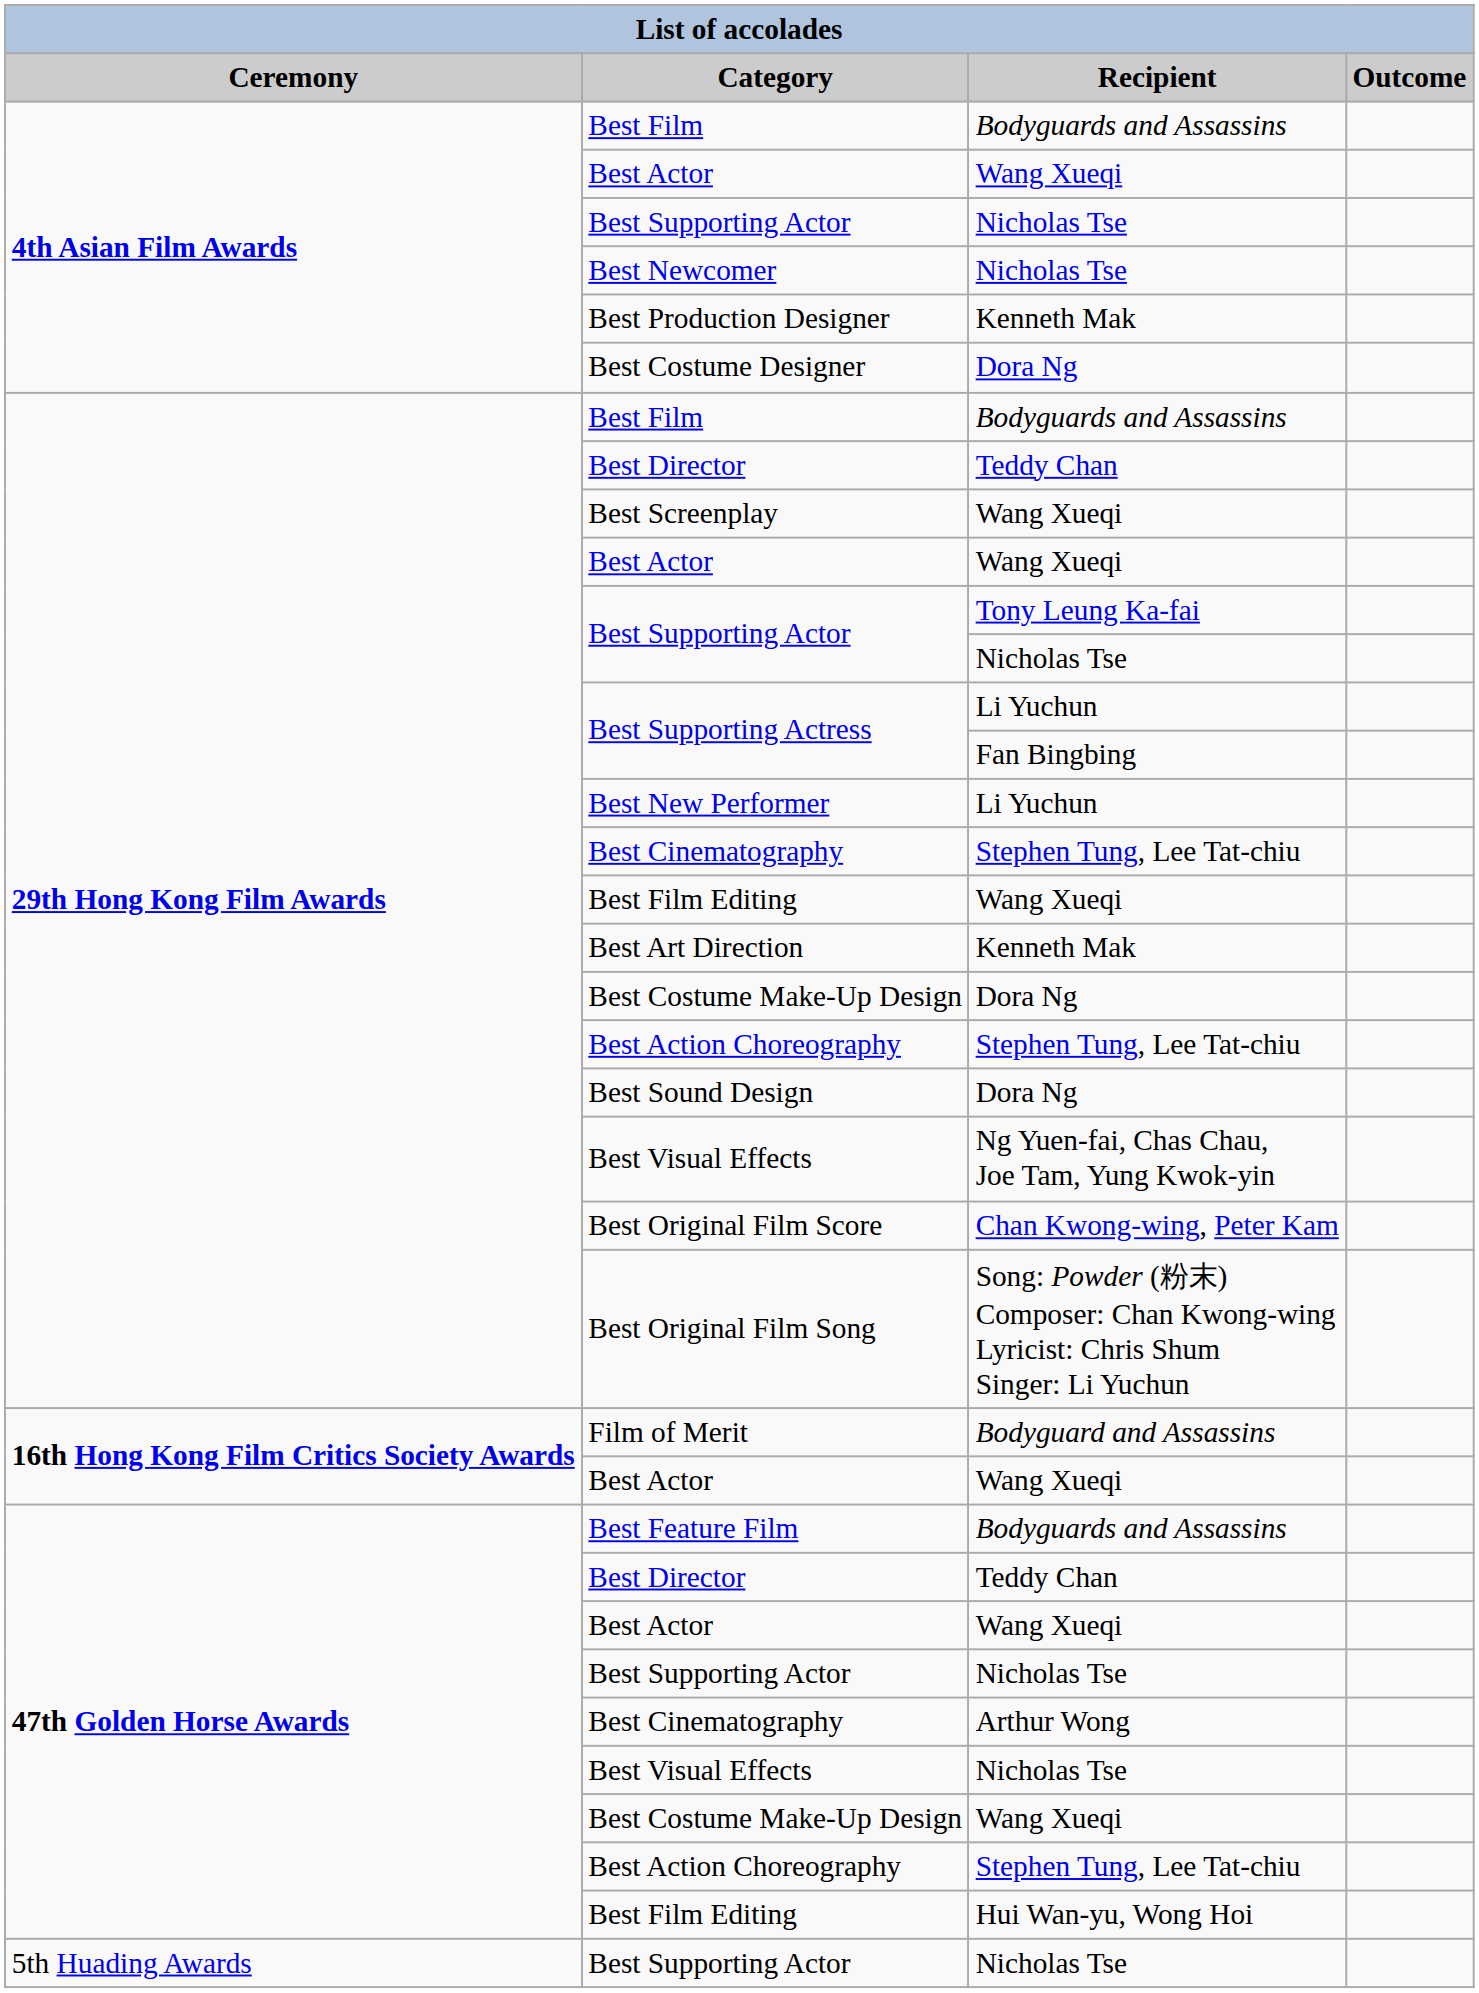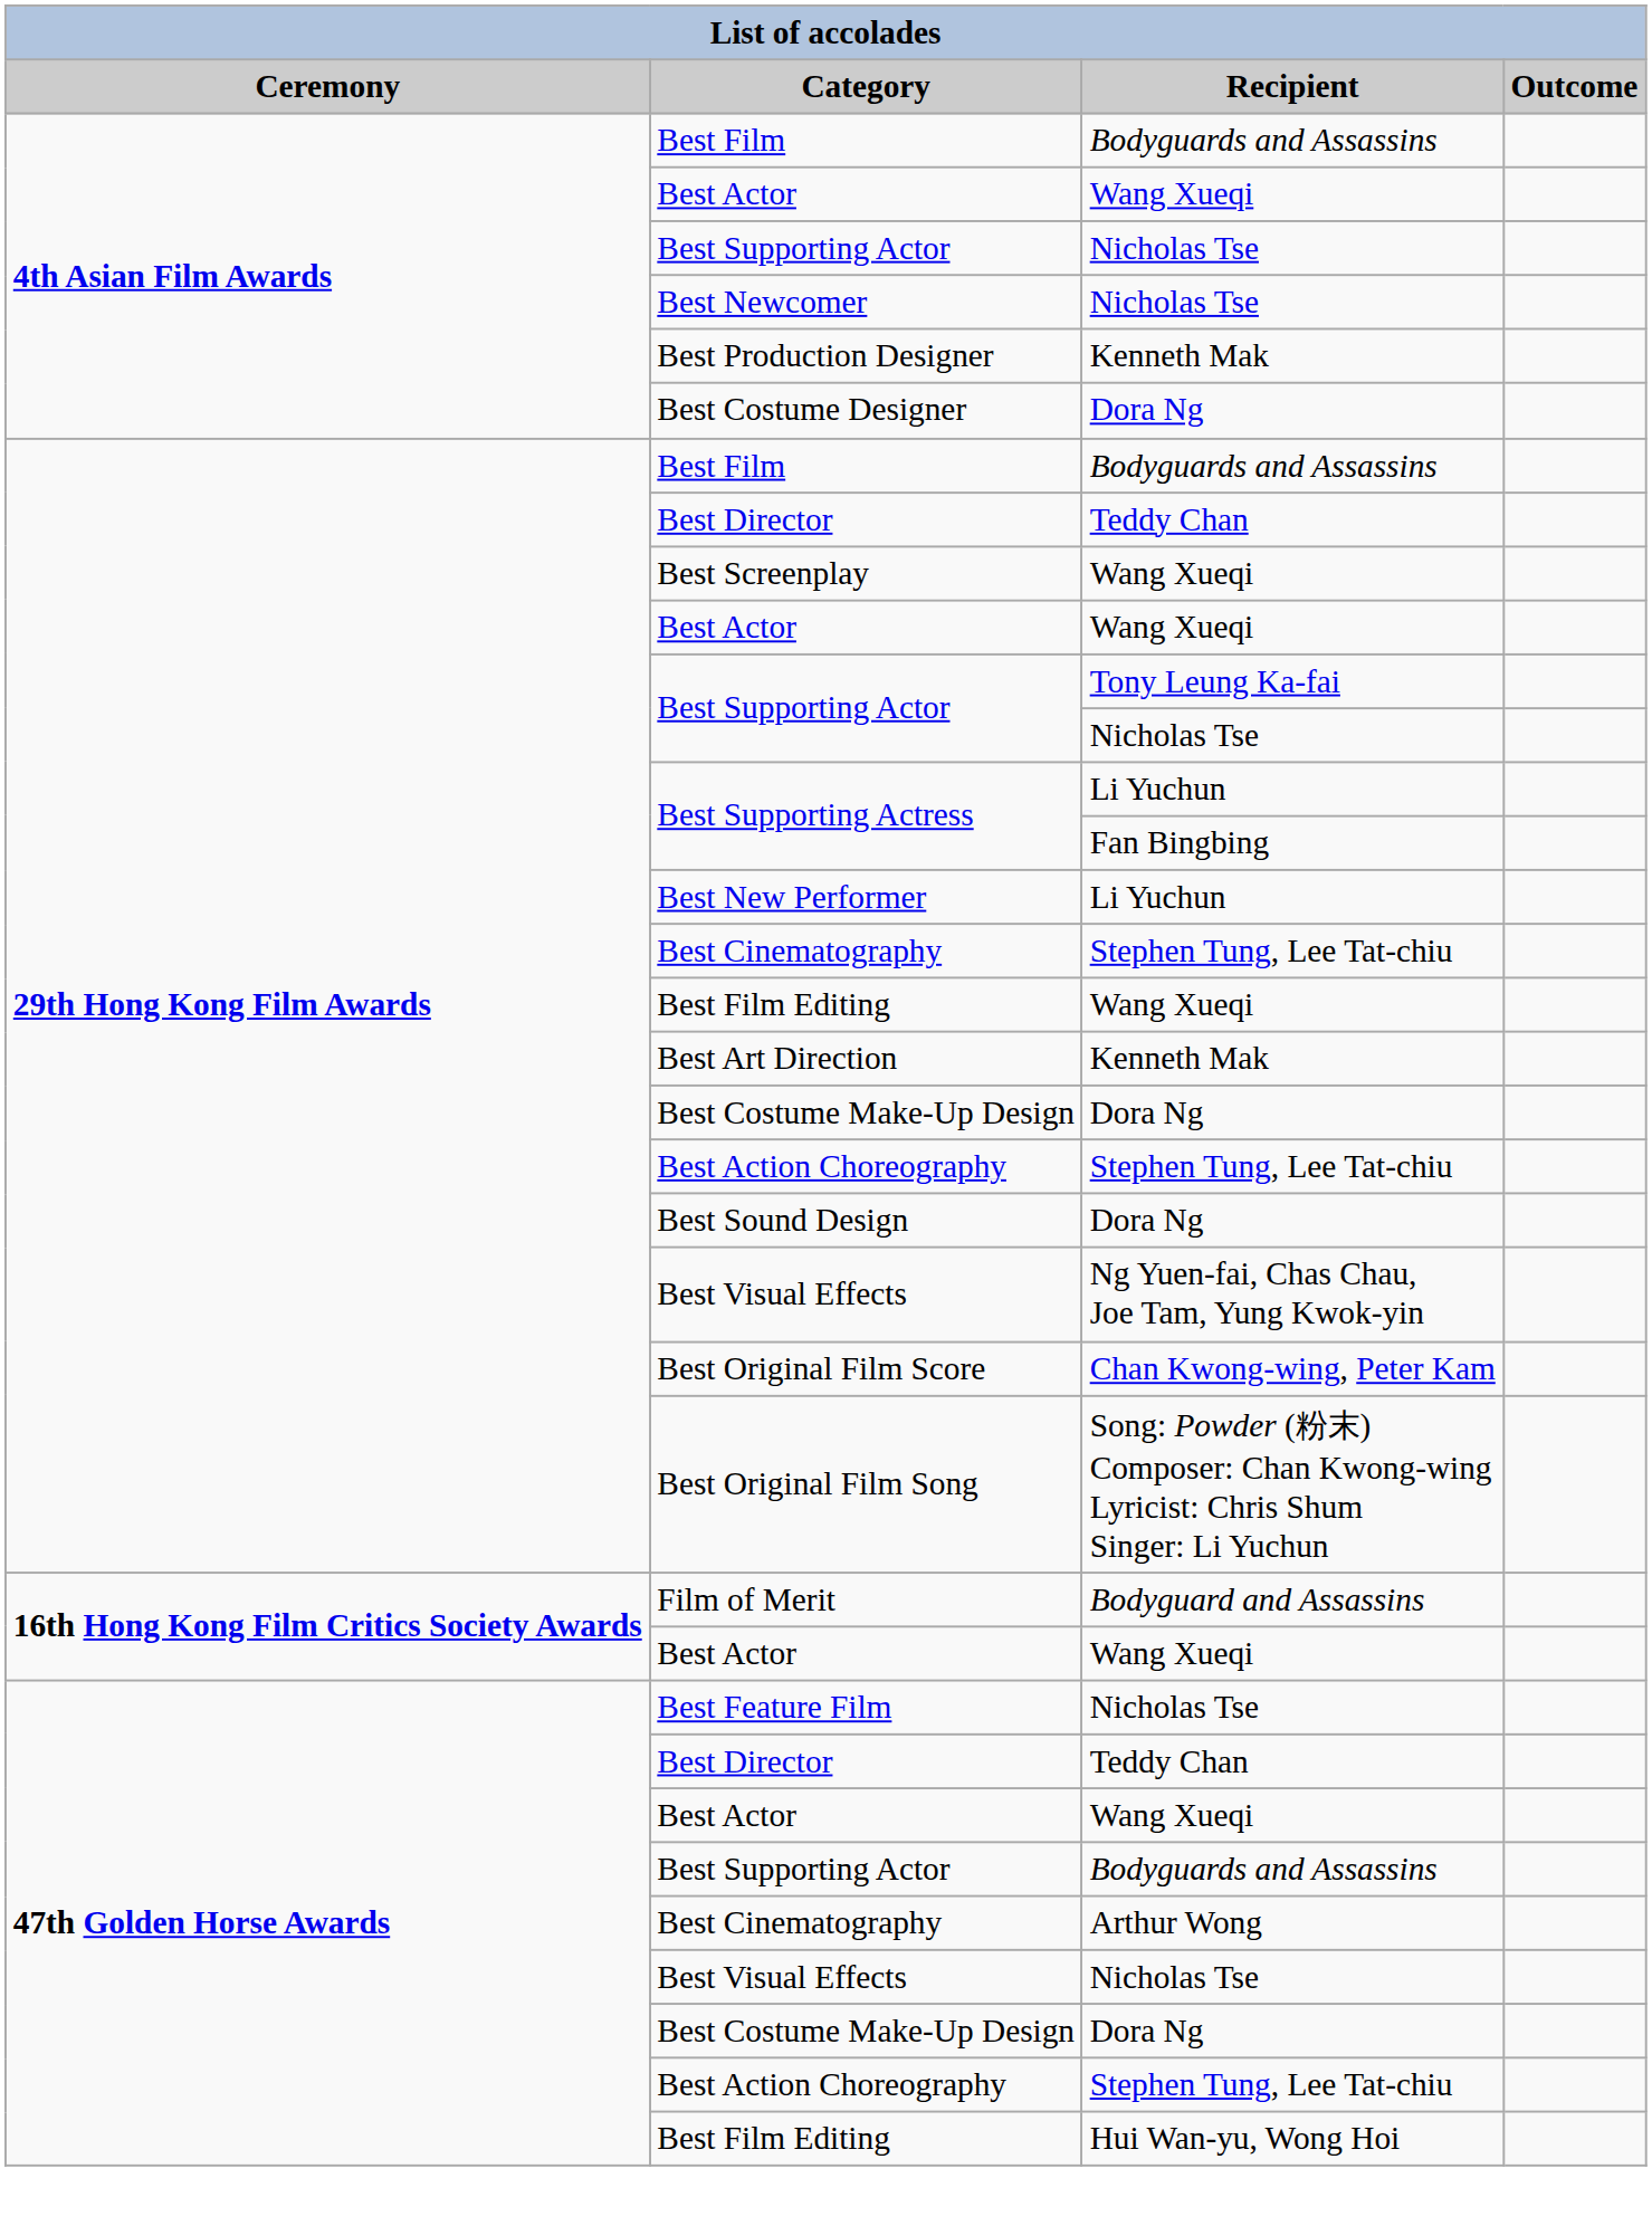 <table class="wikitable" style="font-size:95%">
 <tr style="background:#ccc; text-align:center;">
 <th colspan="4" style="background: LightSteelBlue;">List of accolades</th>
 </tr>
 <tr style="background:#ccc; text-align:center;">
 <th style="background:#ccc">Ceremony</th>
 <th style="background:#ccc">Category</th>
 <th style="background:#ccc">Recipient</th>
 <th style="background:#ccc">Outcome</th>
 </tr>
 <tr>
 <td rowspan=6><strong><a href='#'>4th Asian Film Awards</a></strong></td>
 <td><a href='#'>Best Film</a></td>
 <td><em>Bodyguards and Assassins</em></td>
 <td></td>
 </tr>
 <tr>
 <td><a href='#'>Best Actor</a></td>
 <td><a href='#'>Wang Xueqi</a></td>
 <td></td>
 </tr>
 <tr>
 <td><a href='#'>Best Supporting Actor</a></td>
 <td><a href='#'>Nicholas Tse</a></td>
 <td></td>
 </tr>
 <tr>
 <td><a href='#'>Best Newcomer</a></td>
 <td><a href='#'>Nicholas Tse</a></td>
 <td></td>
 </tr>
 <tr>
 <td>Best Production Designer</td>
 <td>Kenneth Mak</td>
 <td></td>
 </tr>
 <tr>
 <td>Best Costume Designer</td>
 <td><a href='#'>Dora Ng</a></td>
 <td></td>
 </tr>
 <tr>
 <td rowspan=18><strong><a href='#'>29th Hong Kong Film Awards</a></strong></td>
 <td><a href='#'>Best Film</a></td>
 <td><em>Bodyguards and Assassins</em></td>
 <td></td>
 </tr>
 <tr>
 <td><a href='#'>Best Director</a></td>
 <td><a href='#'>Teddy Chan</a></td>
 <td></td>
 </tr>
 <tr>
 <td>Best Screenplay</td>
 <td>Wang Xueqi</td>
 <td></td>
 </tr>
 <tr>
 <td><a href='#'>Best Actor</a></td>
 <td>Wang Xueqi</td>
 <td></td>
 </tr>
 <tr>
 <td rowspan=2><a href='#'>Best Supporting Actor</a></td>
 <td><a href='#'>Tony Leung Ka-fai</a></td>
 <td></td>
 </tr>
 <tr>
 <td>Nicholas Tse</td>
 <td></td>
 </tr>
 <tr>
 <td rowspan=2><a href='#'>Best Supporting Actress</a></td>
 <td>Li Yuchun</td>
 <td></td>
 </tr>
 <tr>
 <td>Fan Bingbing</td>
 <td></td>
 </tr>
 <tr>
 <td><a href='#'>Best New Performer</a></td>
 <td>Li Yuchun</td>
 <td></td>
 </tr>
 <tr>
 <td><a href='#'>Best Cinematography</a></td>
 <td><a href='#'>Stephen Tung</a>, Lee Tat-chiu</td>
 <td></td>
 </tr>
 <tr>
 <td>Best Film Editing</td>
 <td>Wang Xueqi</td>
 <td></td>
 </tr>
 <tr>
 <td>Best Art Direction</td>
 <td>Kenneth Mak</td>
 <td></td>
 </tr>
 <tr>
 <td>Best Costume Make-Up Design</td>
 <td>Dora Ng</td>
 <td></td>
 </tr>
 <tr>
 <td><a href='#'>Best Action Choreography</a></td>
 <td><a href='#'>Stephen Tung</a>, Lee Tat-chiu</td>
 <td></td>
 </tr>
 <tr>
 <td>Best Sound Design</td>
 <td>Dora Ng</td>
 <td></td>
 </tr>
 <tr>
 <td>Best Visual Effects</td>
 <td>Ng Yuen-fai, Chas Chau,<br>Joe Tam, Yung Kwok-yin</td>
 <td></td>
 </tr>
 <tr>
 <td>Best Original Film Score</td>
 <td><a href='#'>Chan Kwong-wing</a>, <a href='#'>Peter Kam</a></td>
 <td></td>
 </tr>
 <tr>
 <td>Best Original Film Song</td>
 <td>Song: <em>Powder</em> (粉末)<br>Composer: Chan Kwong-wing <br>Lyricist: Chris Shum <br>Singer: Li Yuchun</td>
 <td></td>
 </tr>
 <tr>
 <td rowspan=2><strong>16th <a href='#'>Hong Kong Film Critics Society Awards</a></strong></td>
 <td>Film of Merit</td>
 <td><em>Bodyguard and Assassins</em></td>
 <td></td>
 </tr>
 <tr>
 <td>Best Actor</td>
 <td>Wang Xueqi</td>
 <td></td>
 </tr>
 <tr>
 <td rowspan=9><strong>47th <a href='#'>Golden Horse Awards</a></strong></td>
 <td><a href='#'>Best Feature Film</a></td>
-<td><em>Bodyguards and Assassins</em></td>
+<td>Nicholas Tse</td>
 <td></td>
 </tr>
 <tr>
 <td><a href='#'>Best Director</a></td>
 <td>Teddy Chan</td>
 <td></td>
 </tr>
 <tr>
 <td>Best Actor</td>
 <td>Wang Xueqi</td>
 <td></td>
 </tr>
 <tr>
 <td>Best Supporting Actor</td>
-<td>Nicholas Tse</td>
+<td><em>Bodyguards and Assassins</em></td>
 <td></td>
 </tr>
 <tr>
 <td>Best Cinematography</td>
 <td>Arthur Wong</td>
 <td></td>
 </tr>
 <tr>
 <td>Best Visual Effects</td>
 <td>Nicholas Tse</td>
 <td></td>
 </tr>
 <tr>
 <td>Best Costume Make-Up Design</td>
-<td>Wang Xueqi</td>
+<td>Dora Ng</td>
 <td></td>
 </tr>
 <tr>
 <td>Best Action Choreography</td>
 <td><a href='#'>Stephen Tung</a>, Lee Tat-chiu</td>
 <td></td>
 </tr>
 <tr>
 <td>Best Film Editing</td>
 <td>Hui Wan-yu, Wong Hoi</td>
 <td></td>
 </tr>
-<tr>
-<td>5th <a href='#'>Huading Awards</a></td>
-<td>Best Supporting Actor</td>
-<td>Nicholas Tse</td>
-<td></td>
-</tr>
 </table>
